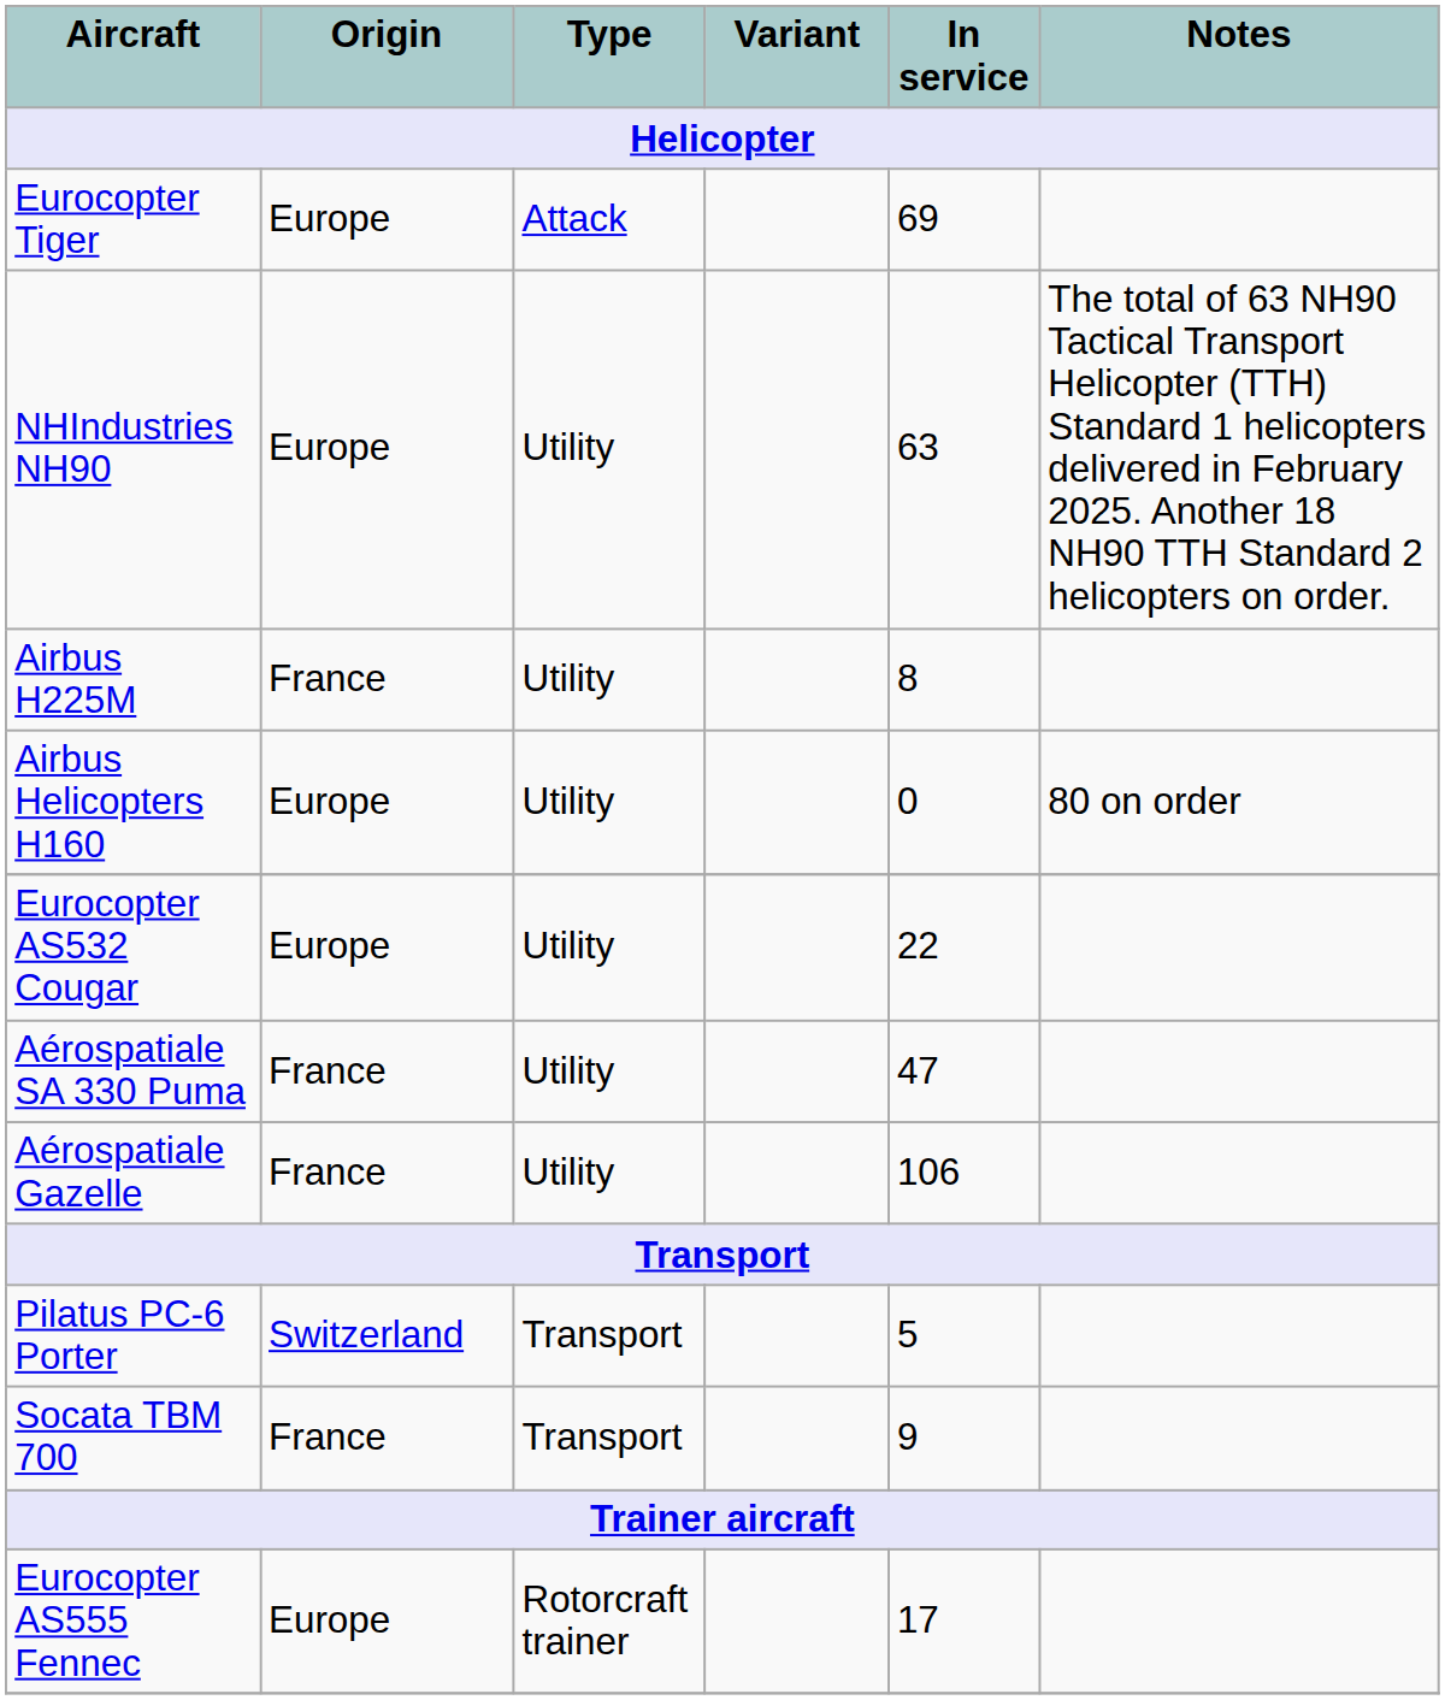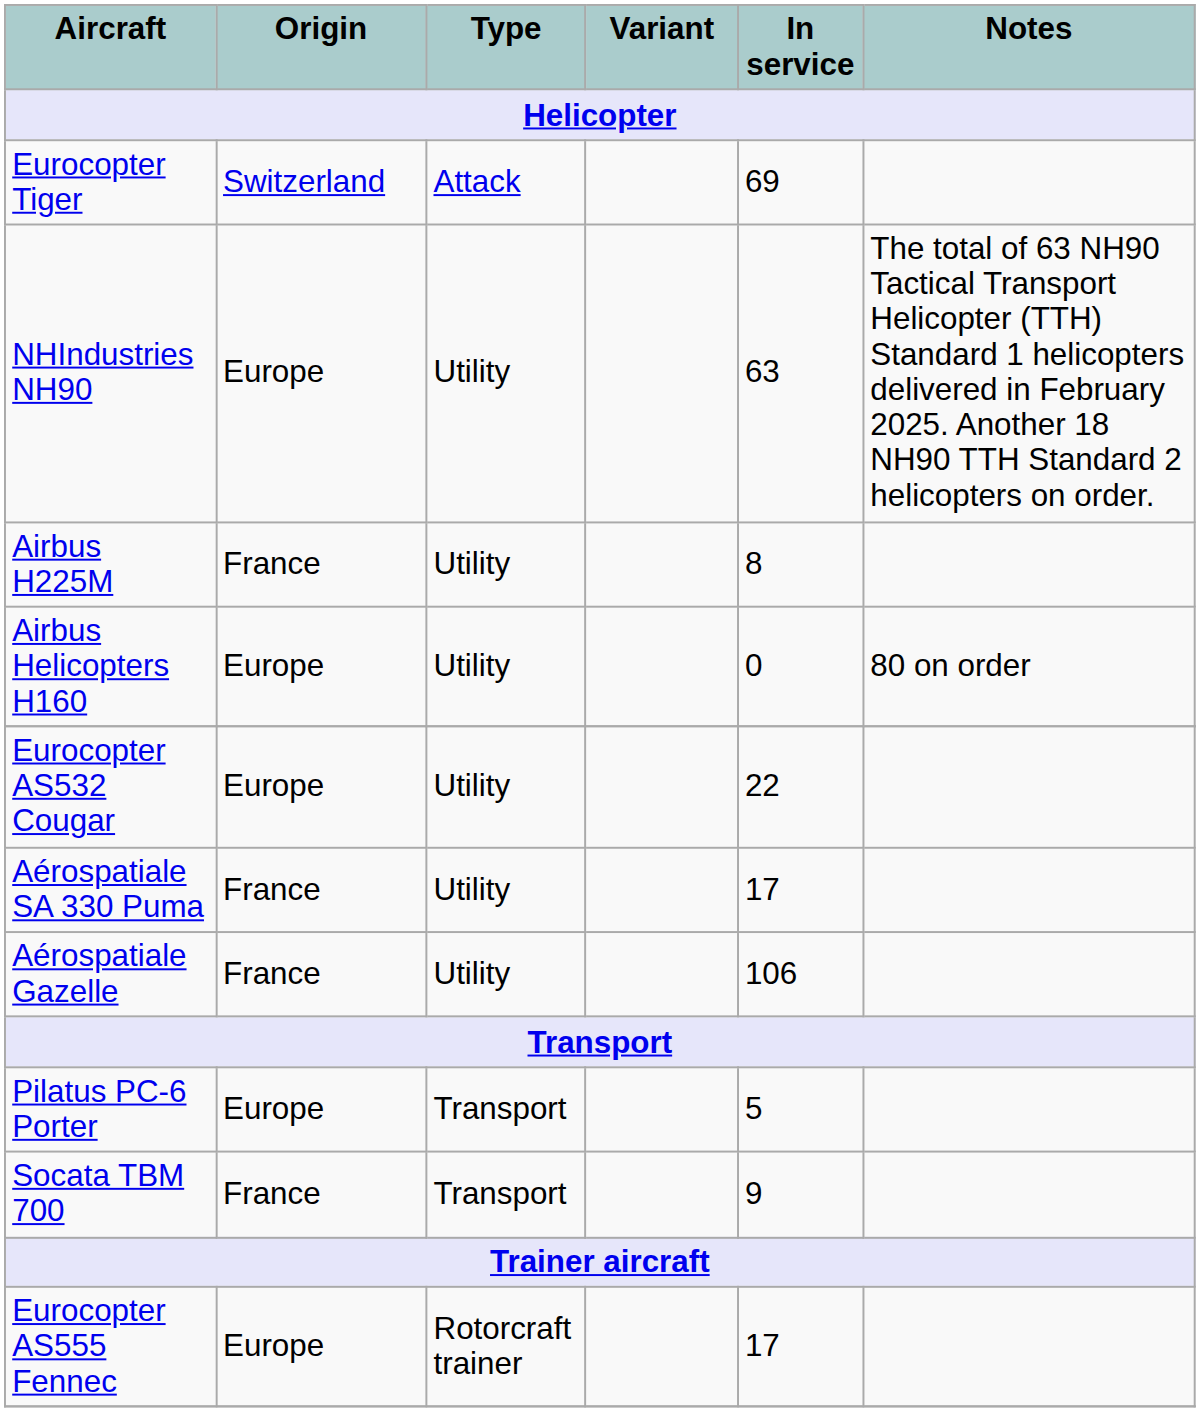 <table class="wikitable plainrowheaders">
 <tr valign=top>
 <th scope="col" style="background:#acc;">Aircraft</th>
 <th scope="col" style="background:#acc; width:100px;">Origin</th>
 <th scope="col" style="background:#acc;">Type</th>
 <th scope="col" style="background:#acc; width:70px;">Variant</th>
 <th scope="col" style="background:#acc;">In service</th>
 <th scope="col" style="background:#acc;">Notes</th>
 </tr>
 <tr>
 <th style="align: center; background: lavender;" colspan="6"><a href='#'>Helicopter</a></th>
 </tr>
 <tr>
 <td><a href='#'>Eurocopter Tiger</a></td>
-<td>Europe</td>
+<td><a href='#'>Switzerland</a></td>
 <td><a href='#'>Attack</a></td>
 <td></td>
 <td>69</td>
 <td></td>
 </tr>
 <tr>
 <td><a href='#'>NHIndustries NH90</a></td>
 <td>Europe</td>
 <td>Utility</td>
 <td></td>
 <td>63</td>
 <td>The total of 63 NH90 Tactical Transport Helicopter (TTH) Standard 1 helicopters delivered in February 2025. Another 18 NH90 TTH Standard 2 helicopters on order.</td>
 </tr>
 <tr>
 <td><a href='#'>Airbus H225M</a></td>
 <td>France</td>
 <td>Utility</td>
 <td></td>
 <td>8</td>
 <td></td>
 </tr>
 <tr>
 <td><a href='#'>Airbus Helicopters H160</a></td>
 <td>Europe</td>
 <td>Utility</td>
 <td></td>
 <td>0</td>
 <td>80 on order</td>
 </tr>
 <tr>
 </tr>
 <tr>
 <td><a href='#'>Eurocopter AS532 Cougar</a></td>
 <td>Europe</td>
 <td>Utility</td>
 <td></td>
 <td>22</td>
 <td></td>
 </tr>
 <tr>
 <td><a href='#'>Aérospatiale SA 330 Puma</a></td>
 <td>France</td>
 <td>Utility</td>
 <td></td>
-<td>47</td>
+<td>17</td>
 <td></td>
 </tr>
 <tr>
 <td><a href='#'>Aérospatiale Gazelle</a></td>
 <td>France</td>
 <td>Utility</td>
 <td></td>
 <td>106</td>
 <td></td>
 </tr>
 <tr>
 <th style="align: center; background: lavender;" colspan="6"><a href='#'>Transport</a></th>
 </tr>
 <tr>
 <td><a href='#'>Pilatus PC-6 Porter</a></td>
-<td><a href='#'>Switzerland</a></td>
+<td>Europe</td>
 <td>Transport</td>
 <td></td>
 <td>5</td>
 <td></td>
 </tr>
 <tr>
 <td><a href='#'>Socata TBM 700</a></td>
 <td>France</td>
 <td>Transport</td>
 <td></td>
 <td>9</td>
 <td></td>
 </tr>
 <tr>
 <th style="align: center; background: lavender;" colspan="6"><a href='#'>Trainer aircraft</a></th>
 </tr>
 <tr>
 <td><a href='#'>Eurocopter AS555 Fennec</a></td>
 <td>Europe</td>
 <td>Rotorcraft trainer</td>
 <td></td>
 <td>17</td>
 <td></td>
 </tr>
 <tr>
 </tr>
 </table>
